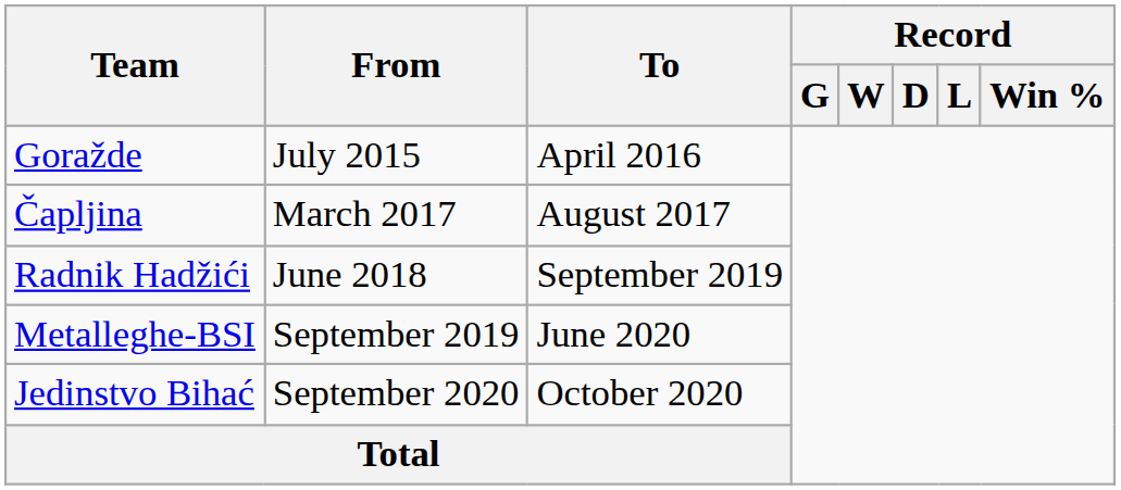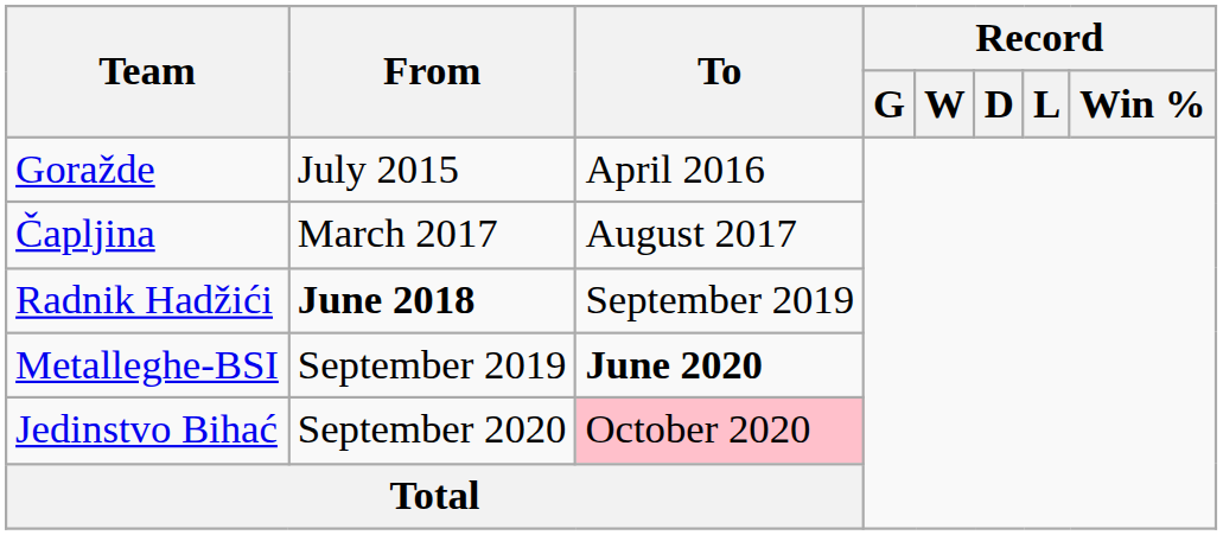 <table class="wikitable" tyle="text-align: center">
 <tr>
 <th rowspan="2">Team</th>
 <th rowspan="2">From</th>
 <th rowspan="2">To</th>
 <th colspan="5">Record</th>
 </tr>
 <tr>
 <th>G</th>
 <th>W</th>
 <th>D</th>
 <th>L</th>
 <th>Win %</th>
 </tr>
 <tr>
 <td align=left><a href='#'>Goražde</a></td>
 <td align=left>July 2015</td>
 <td align=left>April 2016<br></td>
 </tr>
 <tr>
 <td align=left><a href='#'>Čapljina</a></td>
 <td align=left>March 2017</td>
 <td align=left>August 2017<br></td>
 </tr>
 <tr>
 <td align=left><a href='#'>Radnik Hadžići</a></td>
-<td align=left>June 2018</td>
+<td align=left><strong>June 2018</strong></td>
 <td align=left>September 2019<br></td>
 </tr>
 <tr>
 <td align=left><a href='#'>Metalleghe-BSI</a></td>
 <td align=left>September 2019</td>
-<td align=left>June 2020<br></td>
+<td align=left><strong>June 2020<br></strong></td>
 </tr>
 <tr>
 <td align=left><a href='#'>Jedinstvo Bihać</a></td>
 <td align=left>September 2020</td>
-<td align=left>October 2020<br></td>
+<td align=left style="background: pink;">October 2020<br></td>
 </tr>
 <tr>
 <th colspan="3">Total<br></th>
 </tr>
 </table>
